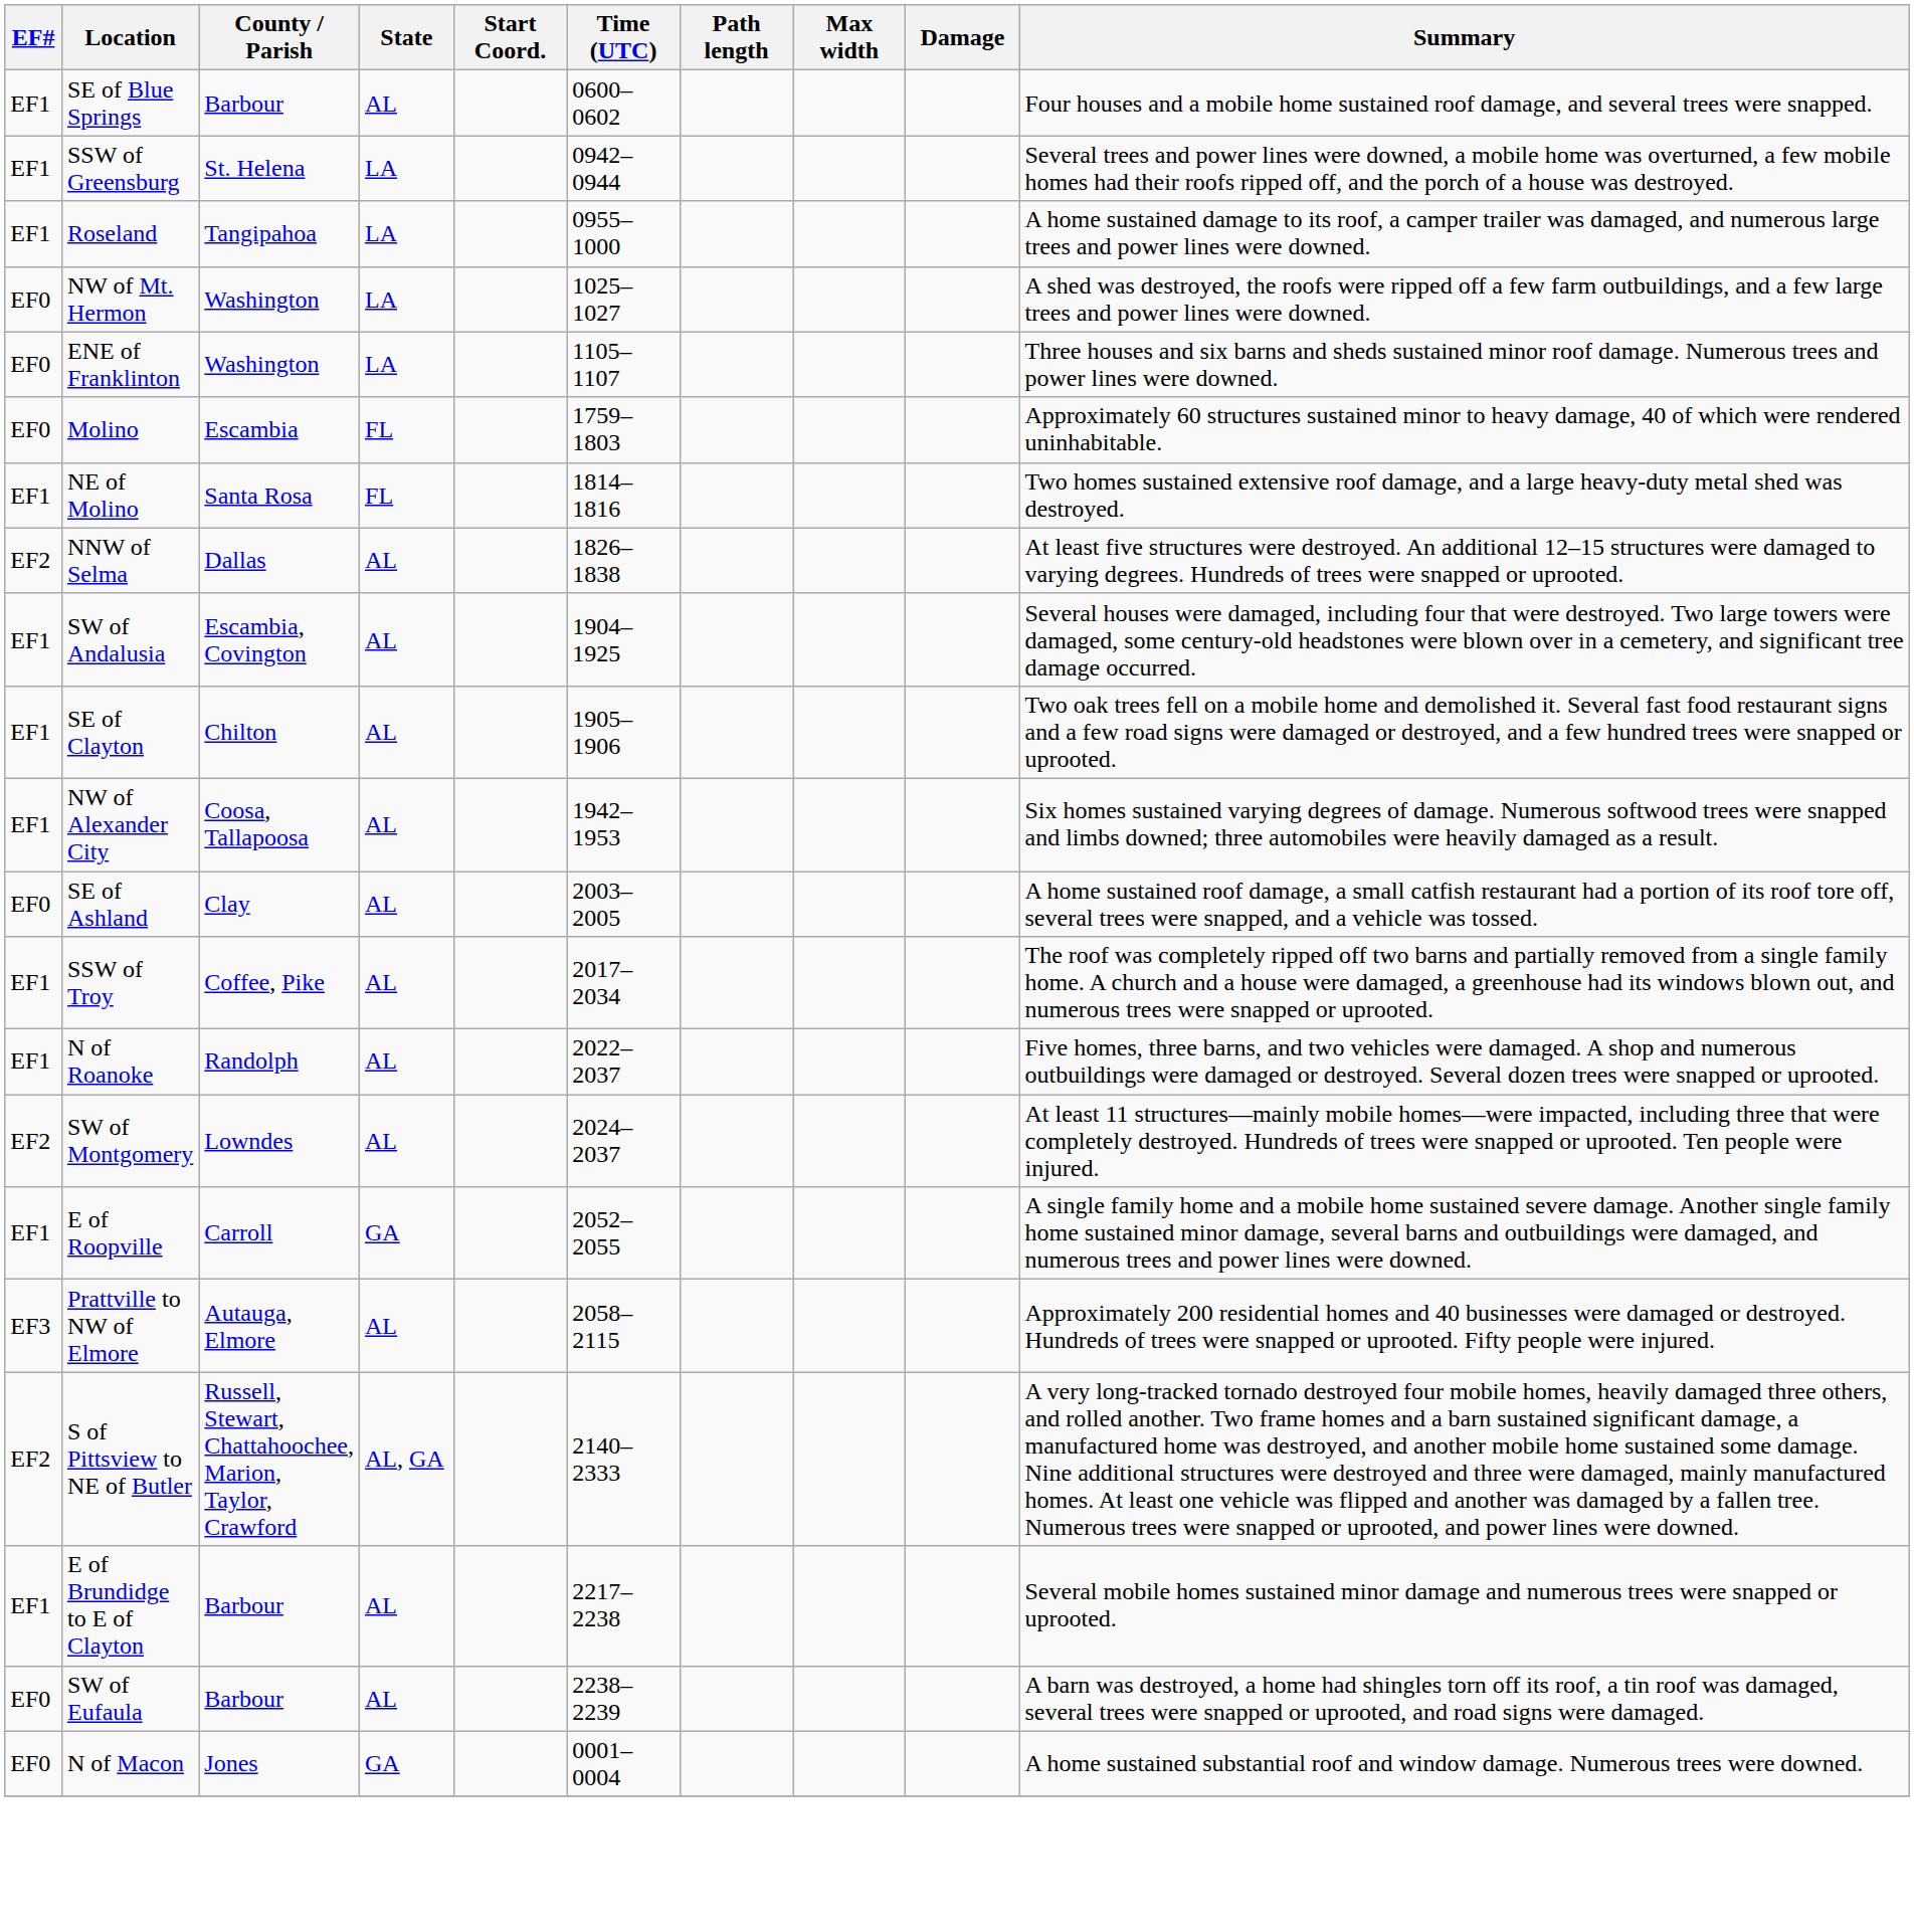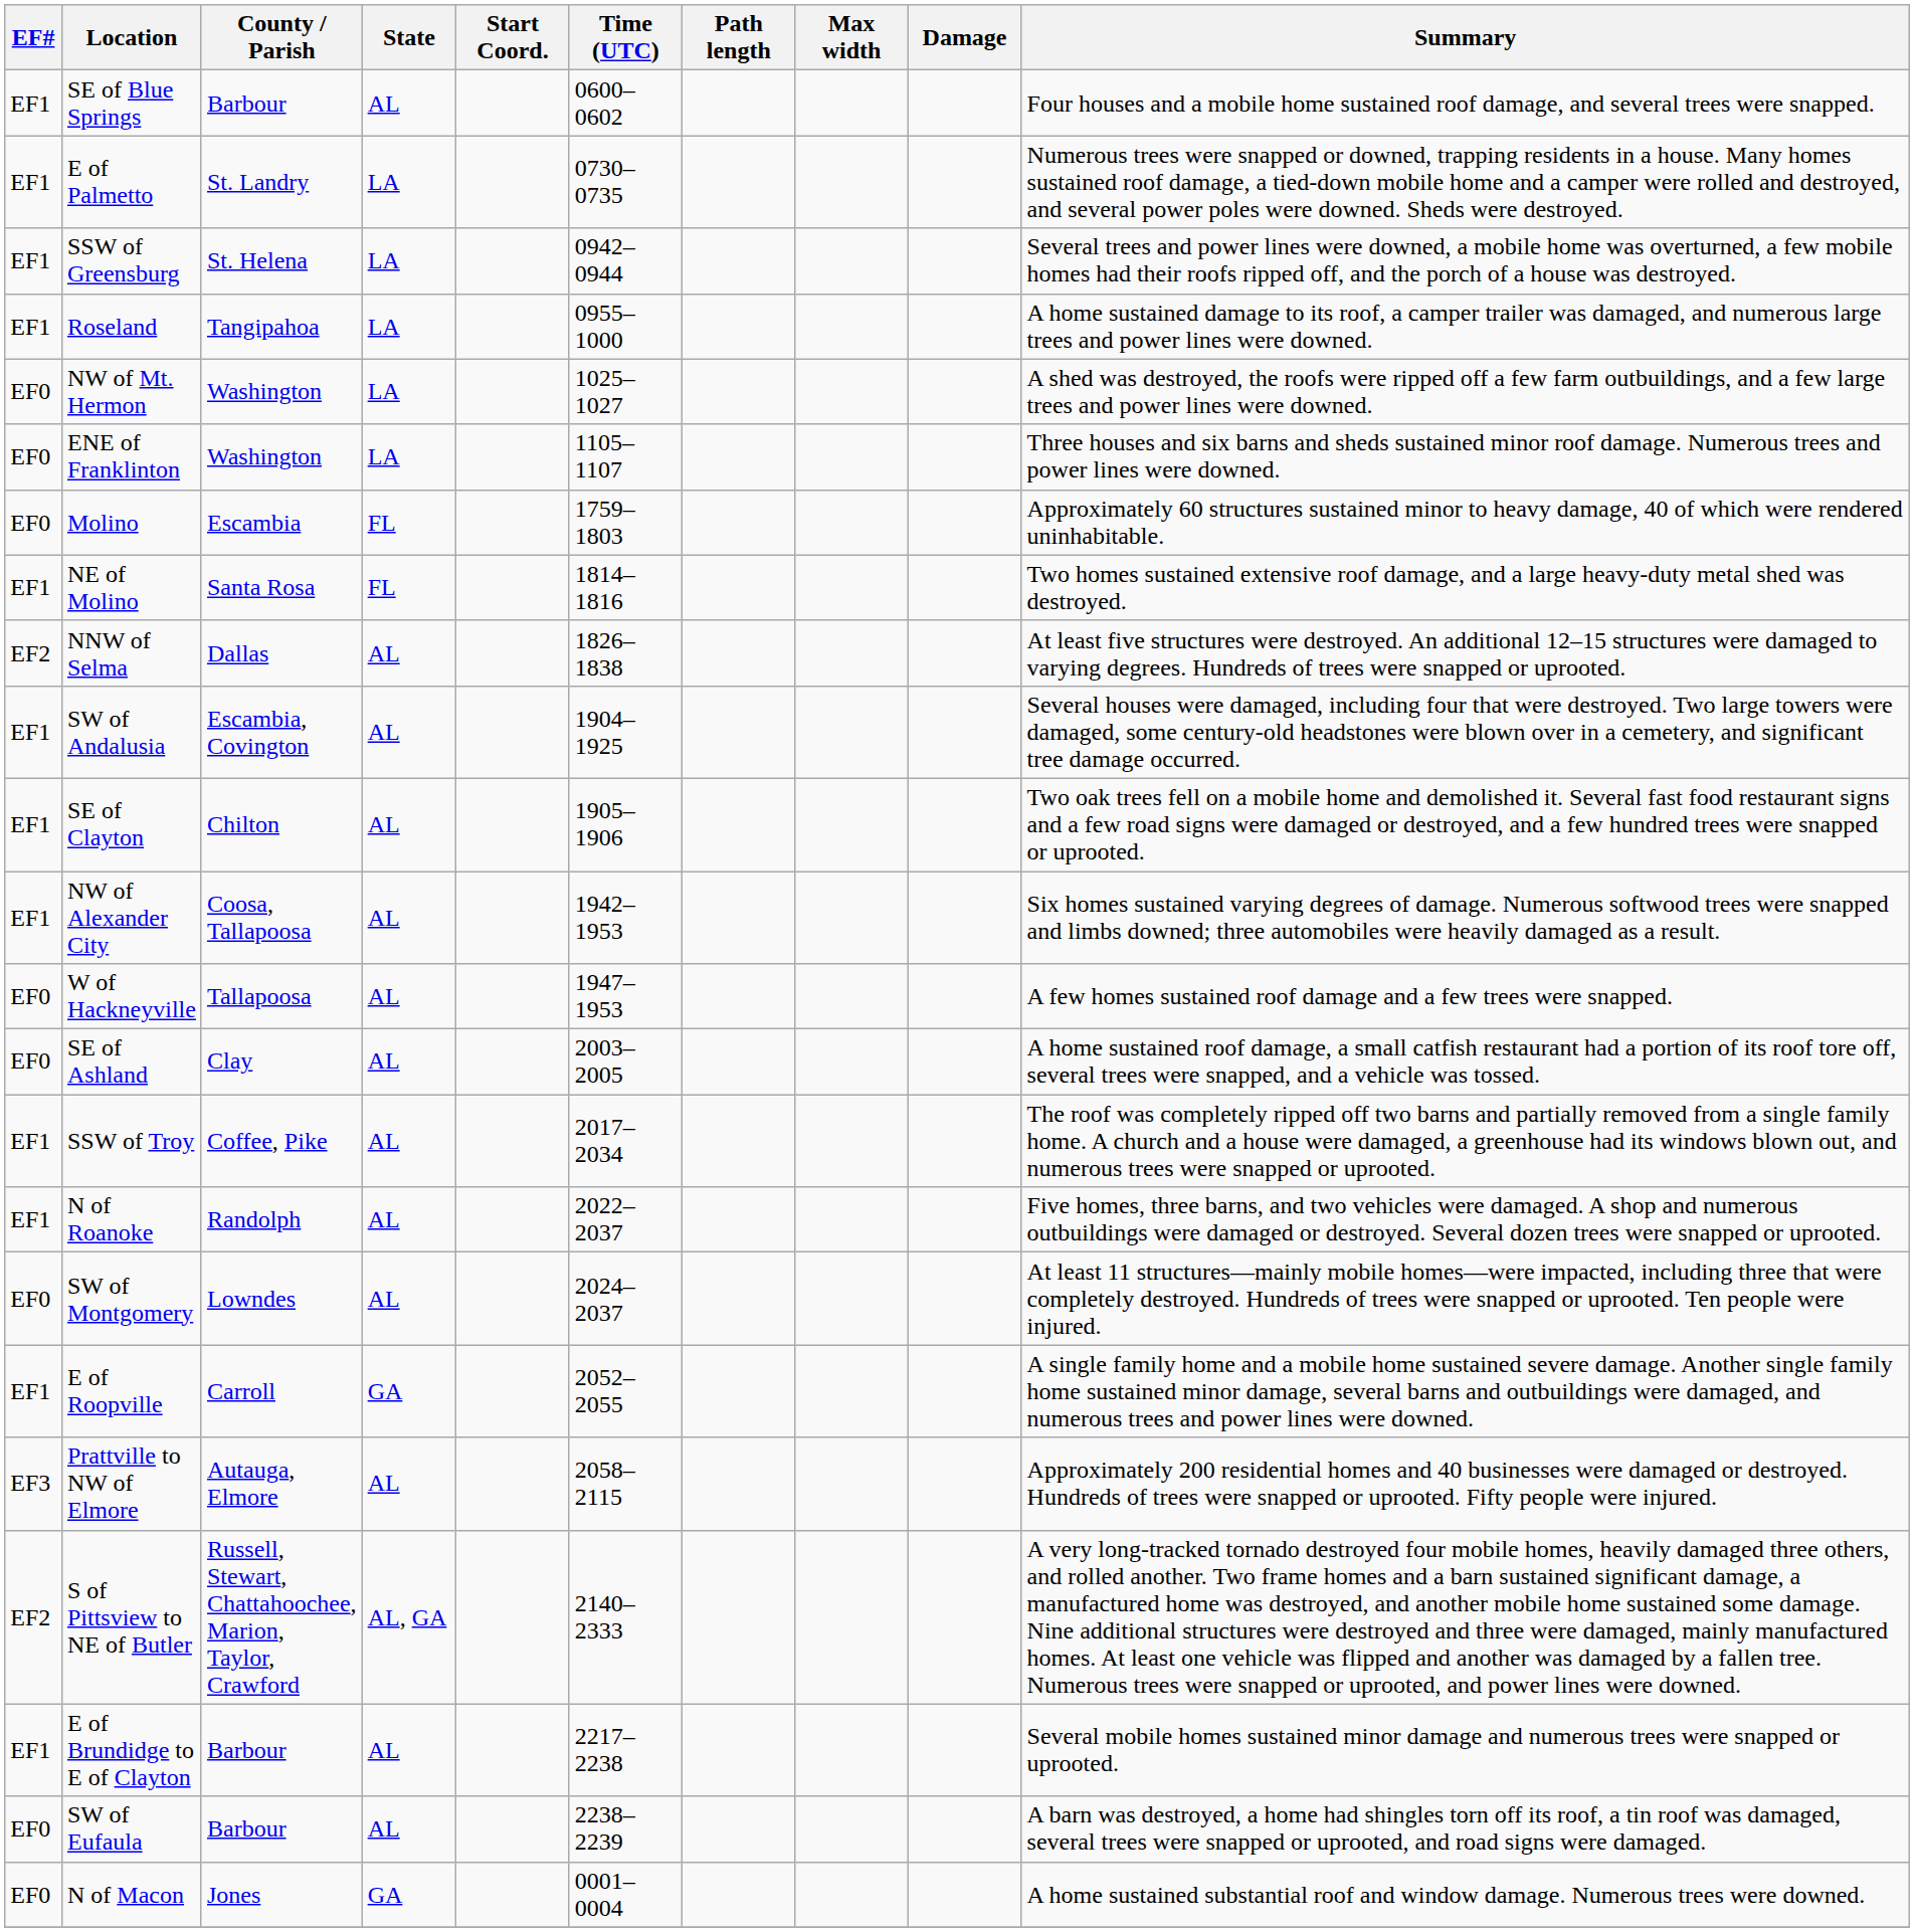 <table class="wikitable sortable" style="width:100%;">
 <tr>
 <th scope="col" width="3%" align="center"><a href='#'>EF#</a></th>
 <th scope="col" width="7%" align="center" class="unsortable">Location</th>
 <th scope="col" width="6%" align="center" class="unsortable">County / Parish</th>
 <th scope="col" width="5%" align="center">State</th>
 <th scope="col" width="6%" align="center">Start Coord.</th>
 <th scope="col" width="6%" align="center">Time (<a href='#'>UTC</a>)</th>
 <th scope="col" width="6%" align="center">Path length</th>
 <th scope="col" width="6%" align="center">Max width</th>
 <th scope="col" width="6%" align="center">Damage</th>
 <th scope="col" width="48%" class="unsortable" align="center">Summary</th>
 </tr>
 <tr>
 <td>EF1</td>
 <td>SE of <a href='#'>Blue Springs</a></td>
 <td><a href='#'>Barbour</a></td>
 <td><a href='#'>AL</a></td>
 <td></td>
 <td>0600–0602</td>
 <td></td>
 <td></td>
 <td></td>
 <td>Four houses and a mobile home sustained roof damage, and several trees were snapped.</td>
+</tr>
+<tr>
+<td>EF1</td>
+<td>E of <a href='#'>Palmetto</a></td>
+<td><a href='#'>St. Landry</a></td>
+<td><a href='#'>LA</a></td>
+<td></td>
+<td>0730–0735</td>
+<td></td>
+<td></td>
+<td></td>
+<td>Numerous trees were snapped or downed, trapping residents in a house. Many homes sustained roof damage, a tied-down mobile home and a camper were rolled and destroyed, and several power poles were downed. Sheds were destroyed.</td>
 </tr>
 <tr>
 <td>EF1</td>
 <td>SSW of <a href='#'>Greensburg</a></td>
 <td><a href='#'>St. Helena</a></td>
 <td><a href='#'>LA</a></td>
 <td></td>
 <td>0942–0944</td>
 <td></td>
 <td></td>
 <td></td>
 <td>Several trees and power lines were downed, a mobile home was overturned, a few mobile homes had their roofs ripped off, and the porch of a house was destroyed.</td>
 </tr>
 <tr>
 <td>EF1</td>
 <td><a href='#'>Roseland</a></td>
 <td><a href='#'>Tangipahoa</a></td>
 <td><a href='#'>LA</a></td>
 <td></td>
 <td>0955–1000</td>
 <td></td>
 <td></td>
 <td></td>
 <td>A home sustained damage to its roof, a camper trailer was damaged, and numerous large trees and power lines were downed.</td>
 </tr>
 <tr>
 <td>EF0</td>
 <td>NW of <a href='#'>Mt. Hermon</a></td>
 <td><a href='#'>Washington</a></td>
 <td><a href='#'>LA</a></td>
 <td></td>
 <td>1025–1027</td>
 <td></td>
 <td></td>
 <td></td>
 <td>A shed was destroyed, the roofs were ripped off a few farm outbuildings, and a few large trees and power lines were downed.</td>
 </tr>
 <tr>
 <td>EF0</td>
 <td>ENE of <a href='#'>Franklinton</a></td>
 <td><a href='#'>Washington</a></td>
 <td><a href='#'>LA</a></td>
 <td></td>
 <td>1105–1107</td>
 <td></td>
 <td></td>
 <td></td>
 <td>Three houses and six barns and sheds sustained minor roof damage. Numerous trees and power lines were downed.</td>
 </tr>
 <tr>
 <td>EF0</td>
 <td><a href='#'>Molino</a></td>
 <td><a href='#'>Escambia</a></td>
 <td><a href='#'>FL</a></td>
 <td></td>
 <td>1759–1803</td>
 <td></td>
 <td></td>
 <td></td>
 <td>Approximately 60 structures sustained minor to heavy damage, 40 of which were rendered uninhabitable.</td>
 </tr>
 <tr>
 <td>EF1</td>
 <td>NE of <a href='#'>Molino</a></td>
 <td><a href='#'>Santa Rosa</a></td>
 <td><a href='#'>FL</a></td>
 <td></td>
 <td>1814–1816</td>
 <td></td>
 <td></td>
 <td></td>
 <td>Two homes sustained extensive roof damage, and a large heavy-duty metal shed was destroyed.</td>
 </tr>
 <tr>
 <td>EF2</td>
 <td>NNW of <a href='#'>Selma</a></td>
 <td><a href='#'>Dallas</a></td>
 <td><a href='#'>AL</a></td>
 <td></td>
 <td>1826–1838</td>
 <td></td>
 <td></td>
 <td></td>
 <td>At least five structures were destroyed. An additional 12–15 structures were damaged to varying degrees. Hundreds of trees were snapped or uprooted.</td>
 </tr>
 <tr>
 <td>EF1</td>
 <td>SW of <a href='#'>Andalusia</a></td>
 <td><a href='#'>Escambia</a>, <a href='#'>Covington</a></td>
 <td><a href='#'>AL</a></td>
 <td></td>
 <td>1904–1925</td>
 <td></td>
 <td></td>
 <td></td>
 <td>Several houses were damaged, including four that were destroyed. Two large towers were damaged, some century-old headstones were blown over in a cemetery, and significant tree damage occurred.</td>
 </tr>
 <tr>
 <td>EF1</td>
 <td>SE of <a href='#'>Clayton</a></td>
 <td><a href='#'>Chilton</a></td>
 <td><a href='#'>AL</a></td>
 <td></td>
 <td>1905–1906</td>
 <td></td>
 <td></td>
 <td></td>
 <td>Two oak trees fell on a mobile home and demolished it. Several fast food restaurant signs and a few road signs were damaged or destroyed, and a few hundred trees were snapped or uprooted.</td>
 </tr>
 <tr>
 <td>EF1</td>
 <td>NW of <a href='#'>Alexander City</a></td>
 <td><a href='#'>Coosa</a>, <a href='#'>Tallapoosa</a></td>
 <td><a href='#'>AL</a></td>
 <td></td>
 <td>1942–1953</td>
 <td></td>
 <td></td>
 <td></td>
 <td>Six homes sustained varying degrees of damage. Numerous softwood trees were snapped and limbs downed; three automobiles were heavily damaged as a result.</td>
 </tr>
 <tr>
 <td>EF0</td>
+<td>W of <a href='#'>Hackneyville</a></td>
+<td><a href='#'>Tallapoosa</a></td>
+<td><a href='#'>AL</a></td>
+<td></td>
+<td>1947–1953</td>
+<td></td>
+<td></td>
+<td></td>
+<td>A few homes sustained roof damage and a few trees were snapped.</td>
+</tr>
+<tr>
+<td>EF0</td>
 <td>SE of <a href='#'>Ashland</a></td>
 <td><a href='#'>Clay</a></td>
 <td><a href='#'>AL</a></td>
 <td></td>
 <td>2003–2005</td>
 <td></td>
 <td></td>
 <td></td>
 <td>A home sustained roof damage, a small catfish restaurant had a portion of its roof tore off, several trees were snapped, and a vehicle was tossed.</td>
 </tr>
 <tr>
 <td>EF1</td>
 <td>SSW of <a href='#'>Troy</a></td>
 <td><a href='#'>Coffee</a>, <a href='#'>Pike</a></td>
 <td><a href='#'>AL</a></td>
 <td></td>
 <td>2017–2034</td>
 <td></td>
 <td></td>
 <td></td>
 <td>The roof was completely ripped off two barns and partially removed from a single family home. A church and a house were damaged, a greenhouse had its windows blown out, and numerous trees were snapped or uprooted.</td>
 </tr>
 <tr>
 <td>EF1</td>
 <td>N of <a href='#'>Roanoke</a></td>
 <td><a href='#'>Randolph</a></td>
 <td><a href='#'>AL</a></td>
 <td></td>
 <td>2022–2037</td>
 <td></td>
 <td></td>
 <td></td>
 <td>Five homes, three barns, and two vehicles were damaged. A shop and numerous outbuildings were damaged or destroyed. Several dozen trees were snapped or uprooted.</td>
 </tr>
 <tr>
-<td>EF2</td>
+<td>EF0</td>
 <td>SW of <a href='#'>Montgomery</a></td>
 <td><a href='#'>Lowndes</a></td>
 <td><a href='#'>AL</a></td>
 <td></td>
 <td>2024–2037</td>
 <td></td>
 <td></td>
 <td></td>
 <td>At least 11 structures—mainly mobile homes—were impacted, including three that were completely destroyed. Hundreds of trees were snapped or uprooted. Ten people were injured.</td>
 </tr>
 <tr>
 <td>EF1</td>
 <td>E of <a href='#'>Roopville</a></td>
 <td><a href='#'>Carroll</a></td>
 <td><a href='#'>GA</a></td>
 <td></td>
 <td>2052–2055</td>
 <td></td>
 <td></td>
 <td></td>
 <td>A single family home and a mobile home sustained severe damage. Another single family home sustained minor damage, several barns and outbuildings were damaged, and numerous trees and power lines were downed.</td>
 </tr>
 <tr>
 <td>EF3</td>
 <td><a href='#'>Prattville</a> to NW of <a href='#'>Elmore</a></td>
 <td><a href='#'>Autauga</a>, <a href='#'>Elmore</a></td>
 <td><a href='#'>AL</a></td>
 <td></td>
 <td>2058–2115</td>
 <td></td>
 <td></td>
 <td></td>
 <td>Approximately 200 residential homes and 40 businesses were damaged or destroyed. Hundreds of trees were snapped or uprooted. Fifty people were injured.</td>
 </tr>
 <tr>
 <td>EF2</td>
 <td>S of <a href='#'>Pittsview</a> to NE of <a href='#'>Butler</a></td>
 <td><a href='#'>Russell</a>, <a href='#'>Stewart</a>, <a href='#'>Chattahoochee</a>, <a href='#'>Marion</a>, <br> <a href='#'>Taylor</a>, <a href='#'>Crawford</a></td>
 <td><a href='#'>AL</a>, <a href='#'>GA</a></td>
 <td></td>
 <td>2140–2333</td>
 <td></td>
 <td></td>
 <td></td>
 <td>A very long-tracked tornado destroyed four mobile homes, heavily damaged three others, and rolled another. Two frame homes and a barn sustained significant damage, a manufactured home was destroyed, and another mobile home sustained some damage. Nine additional structures were destroyed and three were damaged, mainly manufactured homes. At least one vehicle was flipped and another was damaged by a fallen tree. Numerous trees were snapped or uprooted, and power lines were downed.</td>
 </tr>
 <tr>
 <td>EF1</td>
 <td>E of <a href='#'>Brundidge</a> to E of <a href='#'>Clayton</a></td>
 <td><a href='#'>Barbour</a></td>
 <td><a href='#'>AL</a></td>
 <td></td>
 <td>2217–2238</td>
 <td></td>
 <td></td>
 <td></td>
 <td>Several mobile homes sustained minor damage and numerous trees were snapped or uprooted.</td>
 </tr>
 <tr>
 <td>EF0</td>
 <td>SW of <a href='#'>Eufaula</a></td>
 <td><a href='#'>Barbour</a></td>
 <td><a href='#'>AL</a></td>
 <td></td>
 <td>2238–2239</td>
 <td></td>
 <td></td>
 <td></td>
 <td>A barn was destroyed, a home had shingles torn off its roof, a tin roof was damaged, several trees were snapped or uprooted, and road signs were damaged.</td>
 </tr>
 <tr>
 <td>EF0</td>
 <td>N of <a href='#'>Macon</a></td>
 <td><a href='#'>Jones</a></td>
 <td><a href='#'>GA</a></td>
 <td></td>
 <td>0001–0004</td>
 <td></td>
 <td></td>
 <td></td>
 <td>A home sustained substantial roof and window damage. Numerous trees were downed.</td>
 </tr>
 <tr>
 </tr>
 </table>
